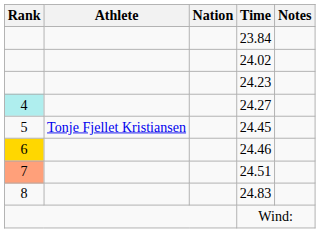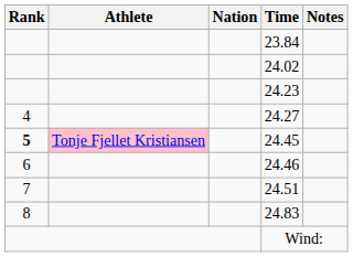 <table class="wikitable sortable" style="text-align:center;">
 <tr>
 <th scope="col" style="width: 10px;">Rank</th>
 <th scope="col">Athlete</th>
 <th scope="col">Nation</th>
 <th scope="col">Time</th>
 <th scope="col">Notes</th>
 </tr>
 <tr>
 <td></td>
 <td align=left></td>
 <td align=left></td>
 <td>23.84</td>
 <td></td>
 </tr>
 <tr>
 <td></td>
 <td align=left></td>
 <td align=left></td>
 <td>24.02</td>
 <td></td>
 </tr>
 <tr>
 <td></td>
 <td align=left></td>
 <td align=left></td>
 <td>24.23</td>
 <td></td>
 </tr>
 <tr>
-<td style="background: paleturquoise;">4</td>
+<td>4</td>
 <td align=left></td>
 <td align=left></td>
 <td>24.27</td>
 <td></td>
 </tr>
 <tr>
-<td>5</td>
-<td align=left><a href='#'>Tonje Fjellet Kristiansen</a></td>
+<td><strong>5</strong></td>
+<td align=left style="background: pink;"><a href='#'>Tonje Fjellet Kristiansen</a></td>
 <td align=left></td>
 <td>24.45</td>
 <td></td>
 </tr>
 <tr>
-<td style="background: gold;">6</td>
+<td>6</td>
 <td align=left></td>
 <td align=left></td>
 <td>24.46</td>
 <td></td>
 </tr>
 <tr>
-<td style="background: lightsalmon;">7</td>
+<td>7</td>
 <td align=left></td>
 <td align=left></td>
 <td>24.51</td>
 <td></td>
 </tr>
 <tr>
 <td>8</td>
 <td align=left></td>
 <td align=left></td>
 <td>24.83</td>
 <td></td>
 </tr>
 <tr class="sortbottom">
 <td colspan="3"></td>
 <td colspan="2">Wind: </td>
 </tr>
 </table>
